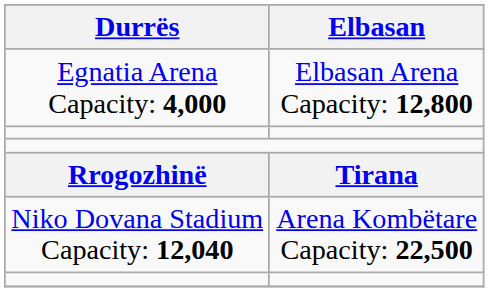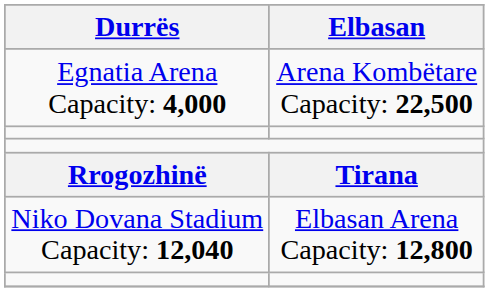 <table class="wikitable" style="text-align:center">
 <tr>
 <th><a href='#'>Durrës</a></th>
 <th><a href='#'>Elbasan</a></th>
 </tr>
 <tr>
 <td><a href='#'>Egnatia Arena</a><br>Capacity: <strong>4,000</strong></td>
-<td><a href='#'>Elbasan Arena</a><br>Capacity: <strong>12,800</strong></td>
+<td><a href='#'>Arena Kombëtare</a><br>Capacity: <strong>22,500</strong></td>
 </tr>
 <tr>
 <td></td>
 <td></td>
 </tr>
 <tr>
 <td colspan="2"></td>
 </tr>
 <tr>
 <th><a href='#'>Rrogozhinë</a></th>
 <th><a href='#'>Tirana</a></th>
 </tr>
 <tr>
 <td><a href='#'>Niko Dovana Stadium</a><br>Capacity: <strong>12,040</strong></td>
-<td><a href='#'>Arena Kombëtare</a><br>Capacity: <strong>22,500</strong></td>
+<td><a href='#'>Elbasan Arena</a><br>Capacity: <strong>12,800</strong></td>
 </tr>
 <tr>
 <td></td>
 <td></td>
 </tr>
 <tr>
 </tr>
 </table>
